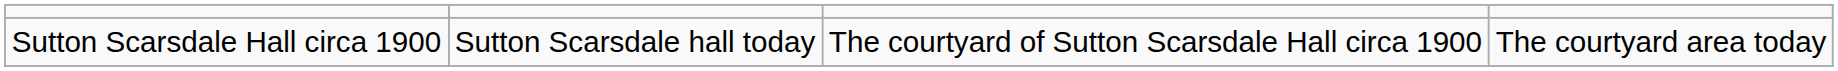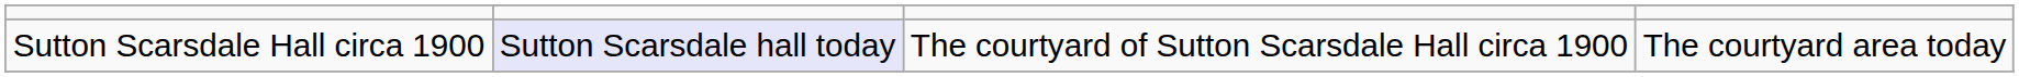 <table class="wikitable" border="1">
 <tr>
 <td></td>
 <td></td>
 <td></td>
 <td></td>
 </tr>
 <tr>
 <td>Sutton Scarsdale Hall circa 1900</td>
-<td>Sutton Scarsdale hall today</td>
+<td style="background: lavender;">Sutton Scarsdale hall today</td>
 <td>The courtyard of Sutton Scarsdale Hall circa 1900</td>
 <td>The courtyard area today</td>
 </tr>
 </table>
